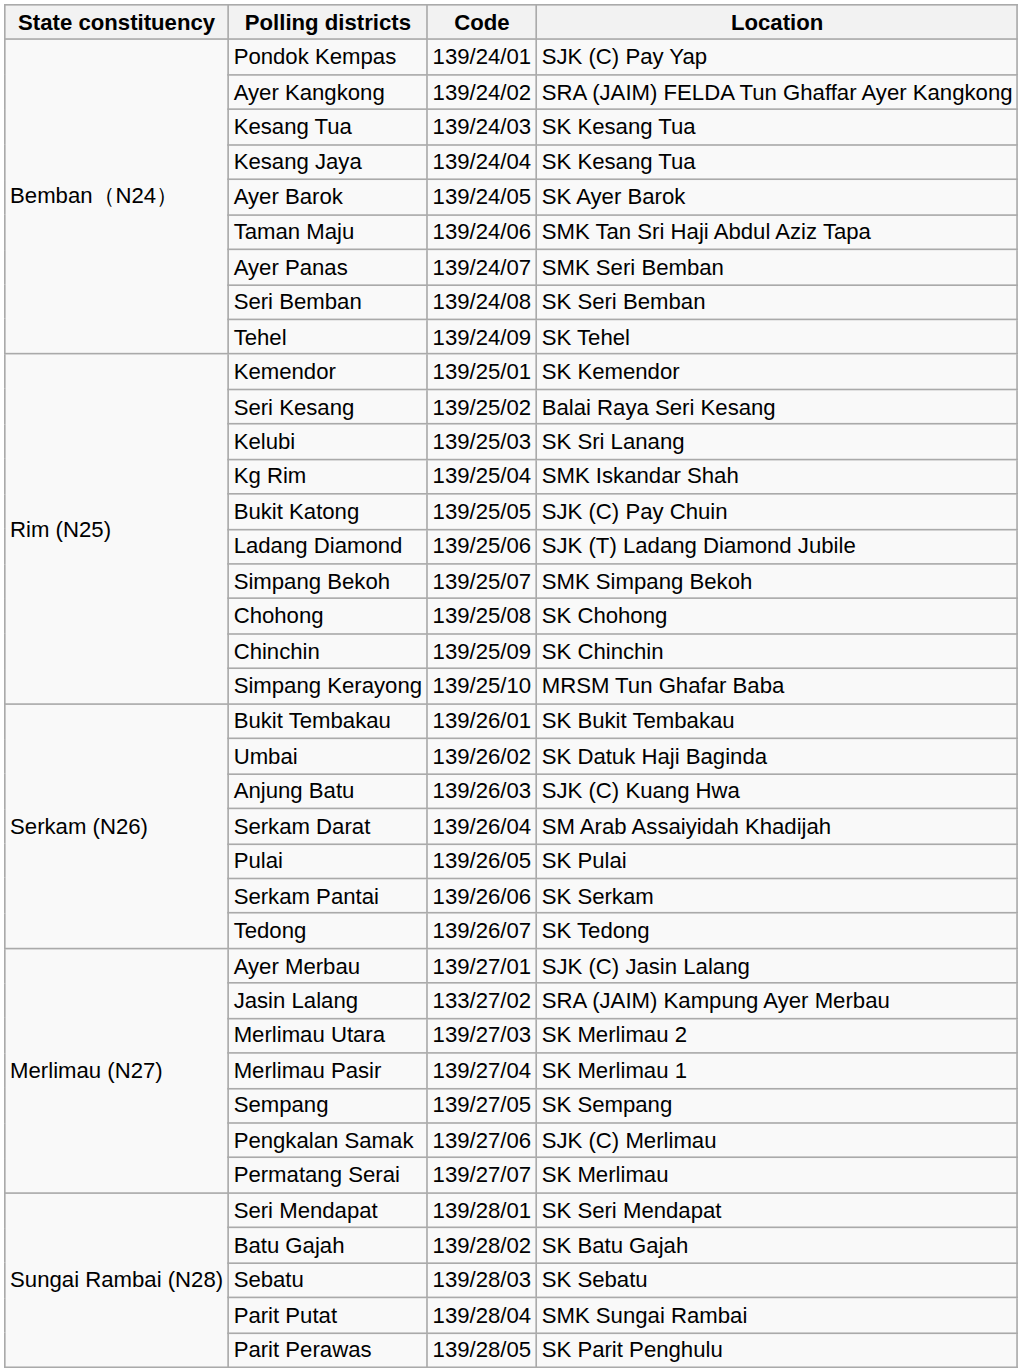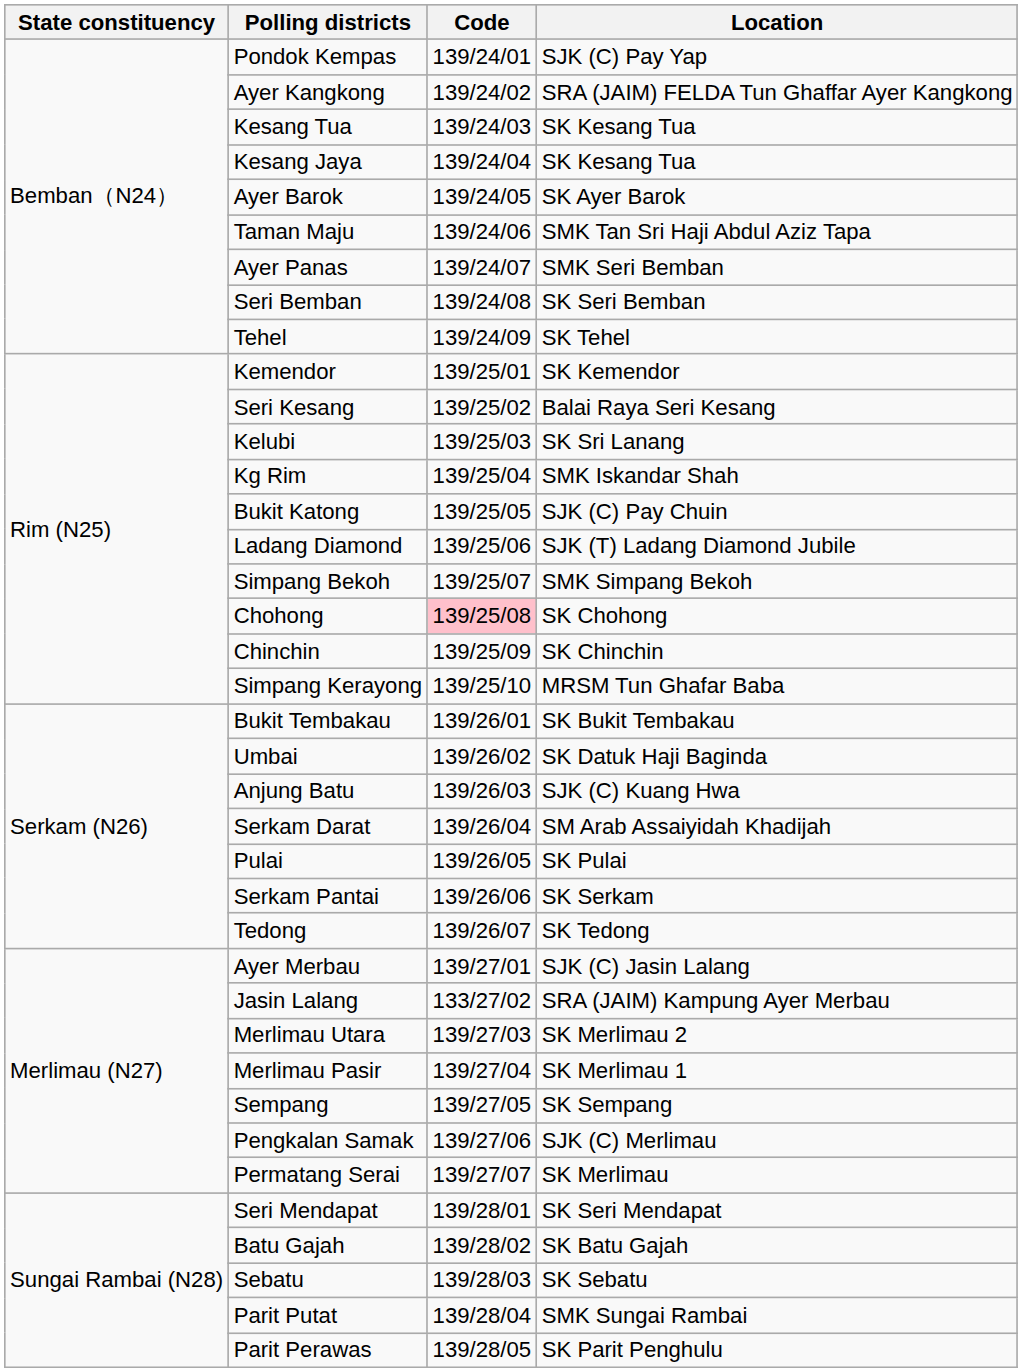 <table class="wikitable sortable mw-collapsible" style="white-space:nowrap;font-size:85%">
 <tr>
 <th>State constituency</th>
 <th>Polling districts</th>
 <th>Code</th>
 <th>Location</th>
 </tr>
 <tr>
 <td rowspan="9">Bemban（N24）</td>
 <td>Pondok Kempas</td>
 <td>139/24/01</td>
 <td>SJK (C) Pay Yap</td>
 </tr>
 <tr>
 <td>Ayer Kangkong</td>
 <td>139/24/02</td>
 <td>SRA (JAIM) FELDA Tun Ghaffar Ayer Kangkong</td>
 </tr>
 <tr>
 <td>Kesang Tua</td>
 <td>139/24/03</td>
 <td>SK Kesang Tua</td>
 </tr>
 <tr>
 <td>Kesang Jaya</td>
 <td>139/24/04</td>
 <td>SK Kesang Tua</td>
 </tr>
 <tr>
 <td>Ayer Barok</td>
 <td>139/24/05</td>
 <td>SK Ayer Barok</td>
 </tr>
 <tr>
 <td>Taman Maju</td>
 <td>139/24/06</td>
 <td>SMK Tan Sri Haji Abdul Aziz Tapa</td>
 </tr>
 <tr>
 <td>Ayer Panas</td>
 <td>139/24/07</td>
 <td>SMK Seri Bemban</td>
 </tr>
 <tr>
 <td>Seri Bemban</td>
 <td>139/24/08</td>
 <td>SK Seri Bemban</td>
 </tr>
 <tr>
 <td>Tehel</td>
 <td>139/24/09</td>
 <td>SK Tehel</td>
 </tr>
 <tr>
 <td rowspan="10">Rim (N25)</td>
 <td>Kemendor</td>
 <td>139/25/01</td>
 <td>SK Kemendor</td>
 </tr>
 <tr>
 <td>Seri Kesang</td>
 <td>139/25/02</td>
 <td>Balai Raya Seri Kesang</td>
 </tr>
 <tr>
 <td>Kelubi</td>
 <td>139/25/03</td>
 <td>SK Sri Lanang</td>
 </tr>
 <tr>
 <td>Kg Rim</td>
 <td>139/25/04</td>
 <td>SMK Iskandar Shah</td>
 </tr>
 <tr>
 <td>Bukit Katong</td>
 <td>139/25/05</td>
 <td>SJK (C) Pay Chuin</td>
 </tr>
 <tr>
 <td>Ladang Diamond</td>
 <td>139/25/06</td>
 <td>SJK (T) Ladang Diamond Jubile</td>
 </tr>
 <tr>
 <td>Simpang Bekoh</td>
 <td>139/25/07</td>
 <td>SMK Simpang Bekoh</td>
 </tr>
 <tr>
 <td>Chohong</td>
-<td>139/25/08</td>
+<td style="background: pink;">139/25/08</td>
 <td>SK Chohong</td>
 </tr>
 <tr>
 <td>Chinchin</td>
 <td>139/25/09</td>
 <td>SK Chinchin</td>
 </tr>
 <tr>
 <td>Simpang Kerayong</td>
 <td>139/25/10</td>
 <td>MRSM Tun Ghafar Baba</td>
 </tr>
 <tr>
 <td rowspan="7">Serkam (N26)</td>
 <td>Bukit Tembakau</td>
 <td>139/26/01</td>
 <td>SK Bukit Tembakau</td>
 </tr>
 <tr>
 <td>Umbai</td>
 <td>139/26/02</td>
 <td>SK Datuk Haji Baginda</td>
 </tr>
 <tr>
 <td>Anjung Batu</td>
 <td>139/26/03</td>
 <td>SJK (C) Kuang Hwa</td>
 </tr>
 <tr>
 <td>Serkam Darat</td>
 <td>139/26/04</td>
 <td>SM Arab Assaiyidah Khadijah</td>
 </tr>
 <tr>
 <td>Pulai</td>
 <td>139/26/05</td>
 <td>SK Pulai</td>
 </tr>
 <tr>
 <td>Serkam Pantai</td>
 <td>139/26/06</td>
 <td>SK Serkam</td>
 </tr>
 <tr>
 <td>Tedong</td>
 <td>139/26/07</td>
 <td>SK Tedong</td>
 </tr>
 <tr>
 <td rowspan="7">Merlimau (N27)</td>
 <td>Ayer Merbau</td>
 <td>139/27/01</td>
 <td>SJK (C) Jasin Lalang</td>
 </tr>
 <tr>
 <td>Jasin Lalang</td>
 <td>133/27/02</td>
 <td>SRA (JAIM) Kampung Ayer Merbau</td>
 </tr>
 <tr>
 <td>Merlimau Utara</td>
 <td>139/27/03</td>
 <td>SK Merlimau 2</td>
 </tr>
 <tr>
 <td>Merlimau Pasir</td>
 <td>139/27/04</td>
 <td>SK Merlimau 1</td>
 </tr>
 <tr>
 <td>Sempang</td>
 <td>139/27/05</td>
 <td>SK Sempang</td>
 </tr>
 <tr>
 <td>Pengkalan Samak</td>
 <td>139/27/06</td>
 <td>SJK (C) Merlimau</td>
 </tr>
 <tr>
 <td>Permatang Serai</td>
 <td>139/27/07</td>
 <td>SK Merlimau</td>
 </tr>
 <tr>
 <td rowspan="5">Sungai Rambai (N28)</td>
 <td>Seri Mendapat</td>
 <td>139/28/01</td>
 <td>SK Seri Mendapat</td>
 </tr>
 <tr>
 <td>Batu Gajah</td>
 <td>139/28/02</td>
 <td>SK Batu Gajah</td>
 </tr>
 <tr>
 <td>Sebatu</td>
 <td>139/28/03</td>
 <td>SK Sebatu</td>
 </tr>
 <tr>
 <td>Parit Putat</td>
 <td>139/28/04</td>
 <td>SMK Sungai Rambai</td>
 </tr>
 <tr>
 <td>Parit Perawas</td>
 <td>139/28/05</td>
 <td>SK Parit Penghulu</td>
 </tr>
 <tr>
 </tr>
 </table>
